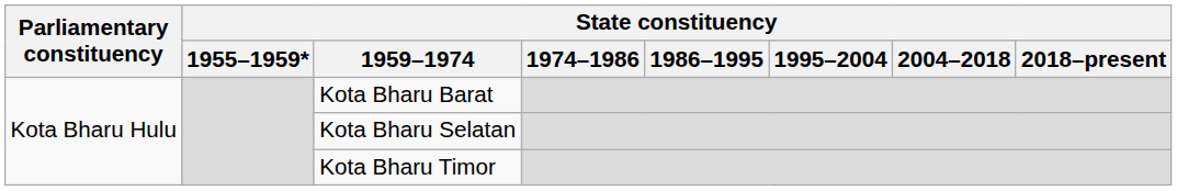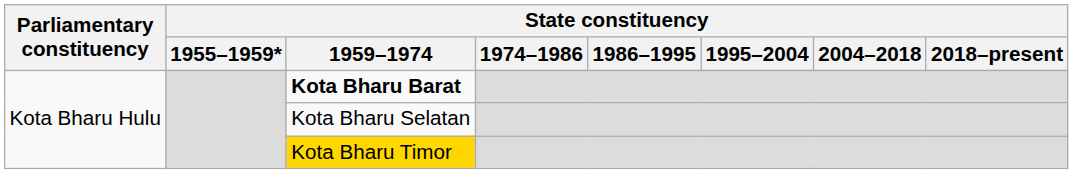 <table class="wikitable">
 <tr>
 <th rowspan="2">Parliamentary<br>constituency</th>
 <th colspan="7">State constituency</th>
 </tr>
 <tr>
 <th>1955–1959*</th>
 <th>1959–1974</th>
 <th>1974–1986</th>
 <th>1986–1995</th>
 <th>1995–2004</th>
 <th>2004–2018</th>
 <th>2018–present</th>
 </tr>
 <tr>
 <td rowspan="3">Kota Bharu Hulu</td>
 <td rowspan="3" bgcolor="dcdcdc"></td>
-<td>Kota Bharu Barat</td>
+<td><strong>Kota Bharu Barat</strong></td>
 <td colspan="5" bgcolor="dcdcdc"></td>
 </tr>
 <tr>
 <td>Kota Bharu Selatan</td>
 <td colspan="5" bgcolor="dcdcdc"></td>
 </tr>
 <tr>
-<td>Kota Bharu Timor</td>
+<td style="background: gold;">Kota Bharu Timor</td>
 <td colspan="5" bgcolor="dcdcdc"></td>
 </tr>
 </table>
